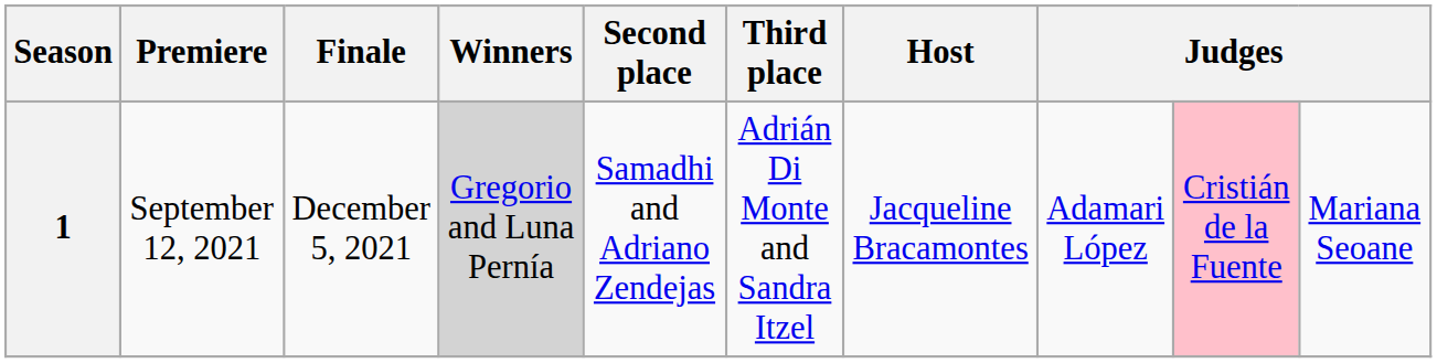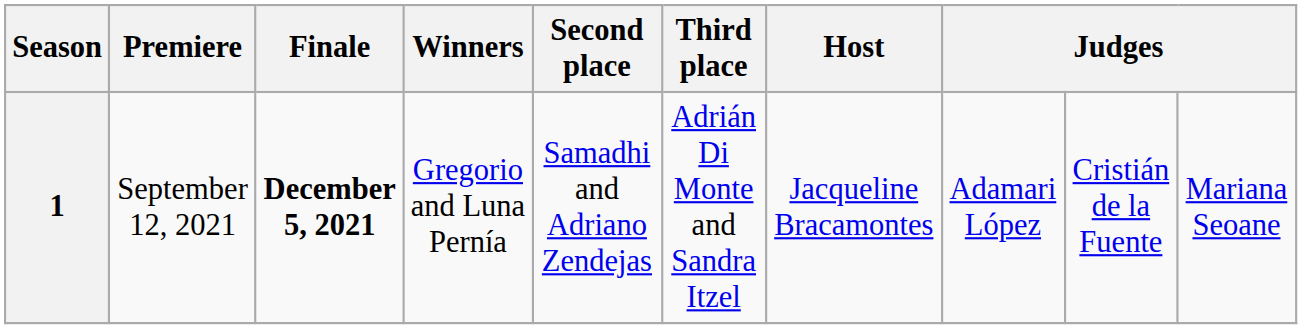 <table class="wikitable" style="text-align:center; line-height:17px; font-size:90%; width:auto;">
 <tr>
 <th width="03%">Season</th>
 <th>Premiere</th>
 <th>Finale</th>
 <th>Winners</th>
 <th>Second place</th>
 <th>Third place</th>
 <th>Host</th>
 <th colspan="3">Judges</th>
 </tr>
 <tr>
 <th>1</th>
 <td>September 12, 2021</td>
-<td>December 5, 2021</td>
-<td style="background: lightgrey;"><a href='#'>Gregorio</a> and Luna Pernía</td>
+<td><strong>December 5, 2021</strong></td>
+<td><a href='#'>Gregorio</a> and Luna Pernía</td>
 <td><a href='#'>Samadhi</a> and <a href='#'>Adriano Zendejas</a></td>
 <td><a href='#'>Adrián Di Monte</a> and <a href='#'>Sandra Itzel</a></td>
 <td><a href='#'>Jacqueline Bracamontes</a></td>
 <td><a href='#'>Adamari López</a></td>
-<td style="background: pink;"><a href='#'>Cristián de la Fuente</a></td>
+<td><a href='#'>Cristián de la Fuente</a></td>
 <td><a href='#'>Mariana Seoane</a></td>
 </tr>
 <tr>
 </tr>
 </table>
